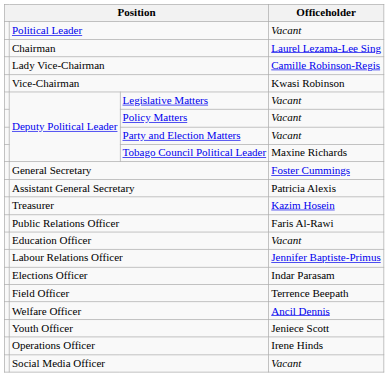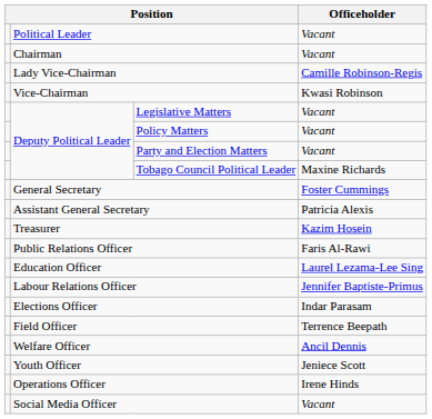 <table class="wikitable sortable" style="text-align: left">
 <tr>
 <th colspan="3">Position</th>
 <th>Officeholder</th>
 </tr>
 <tr>
 <td></td>
 <td colspan="2"><a href='#'>Political Leader</a></td>
 <td><em>Vacant</em></td>
 </tr>
 <tr>
 <td></td>
 <td colspan="2">Chairman</td>
-<td><a href='#'>Laurel Lezama-Lee Sing</a></td>
+<td><em>Vacant</em></td>
 </tr>
 <tr>
 <td></td>
 <td colspan="2">Lady Vice-Chairman</td>
 <td><a href='#'>Camille Robinson-Regis</a></td>
 </tr>
 <tr>
 <td></td>
 <td colspan="2">Vice-Chairman</td>
 <td>Kwasi Robinson</td>
 </tr>
 <tr>
 <td></td>
 <td rowspan="4"><a href='#'>Deputy Political Leader</a></td>
 <td><a href='#'>Legislative Matters</a></td>
 <td><em>Vacant</em></td>
 </tr>
 <tr>
 <td></td>
 <td><a href='#'>Policy Matters</a></td>
 <td><em>Vacant</em></td>
 </tr>
 <tr>
 <td></td>
 <td><a href='#'>Party and Election Matters</a></td>
 <td><em>Vacant</em></td>
 </tr>
 <tr>
 <td></td>
 <td><a href='#'>Tobago Council Political Leader</a></td>
 <td>Maxine Richards</td>
 </tr>
 <tr>
 <td></td>
 <td colspan="2">General Secretary</td>
 <td><a href='#'>Foster Cummings</a></td>
 </tr>
 <tr>
 <td></td>
 <td colspan="2">Assistant General Secretary</td>
 <td>Patricia Alexis</td>
 </tr>
 <tr>
 <td></td>
 <td colspan="2">Treasurer</td>
 <td><a href='#'>Kazim Hosein</a></td>
 </tr>
 <tr>
 <td></td>
 <td colspan="2">Public Relations Officer</td>
 <td>Faris Al-Rawi</td>
 </tr>
 <tr>
 <td></td>
 <td colspan="2">Education Officer</td>
-<td><em>Vacant</em></td>
+<td><a href='#'>Laurel Lezama-Lee Sing</a></td>
 </tr>
 <tr>
 <td></td>
 <td colspan="2">Labour Relations Officer</td>
 <td><a href='#'>Jennifer Baptiste-Primus</a></td>
 </tr>
 <tr>
 <td></td>
 <td colspan="2">Elections Officer</td>
 <td>Indar Parasam</td>
 </tr>
 <tr>
 <td></td>
 <td colspan="2">Field Officer</td>
 <td>Terrence Beepath</td>
 </tr>
 <tr>
 <td></td>
 <td colspan="2">Welfare Officer</td>
 <td><a href='#'>Ancil Dennis</a></td>
 </tr>
 <tr>
 <td></td>
 <td colspan="2">Youth Officer</td>
 <td>Jeniece Scott</td>
 </tr>
 <tr>
 <td></td>
 <td colspan="2">Operations Officer</td>
 <td>Irene Hinds</td>
 </tr>
 <tr>
 <td></td>
 <td colspan="2">Social Media Officer</td>
 <td><em>Vacant</em></td>
 </tr>
 </table>
